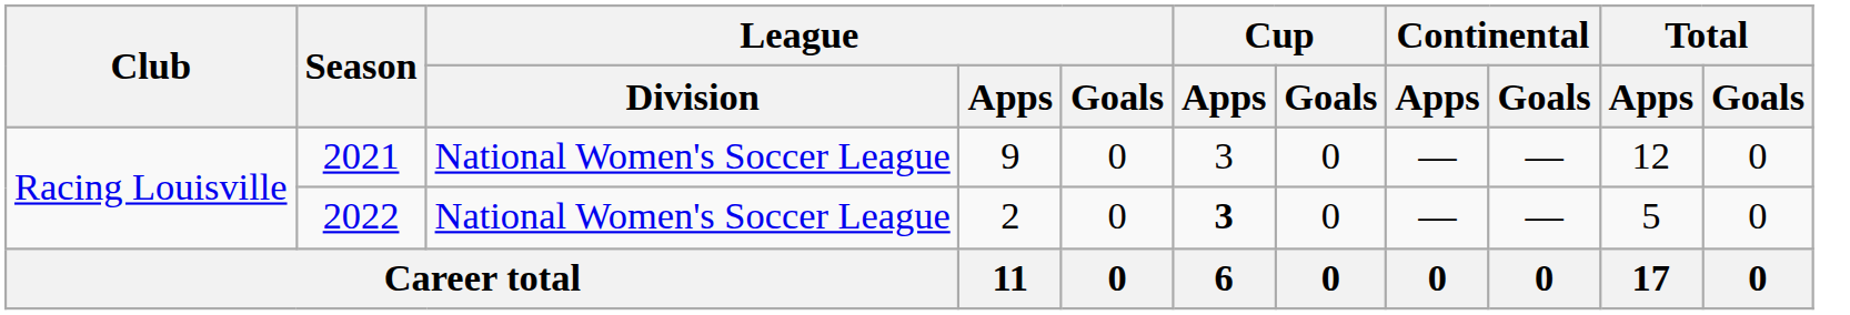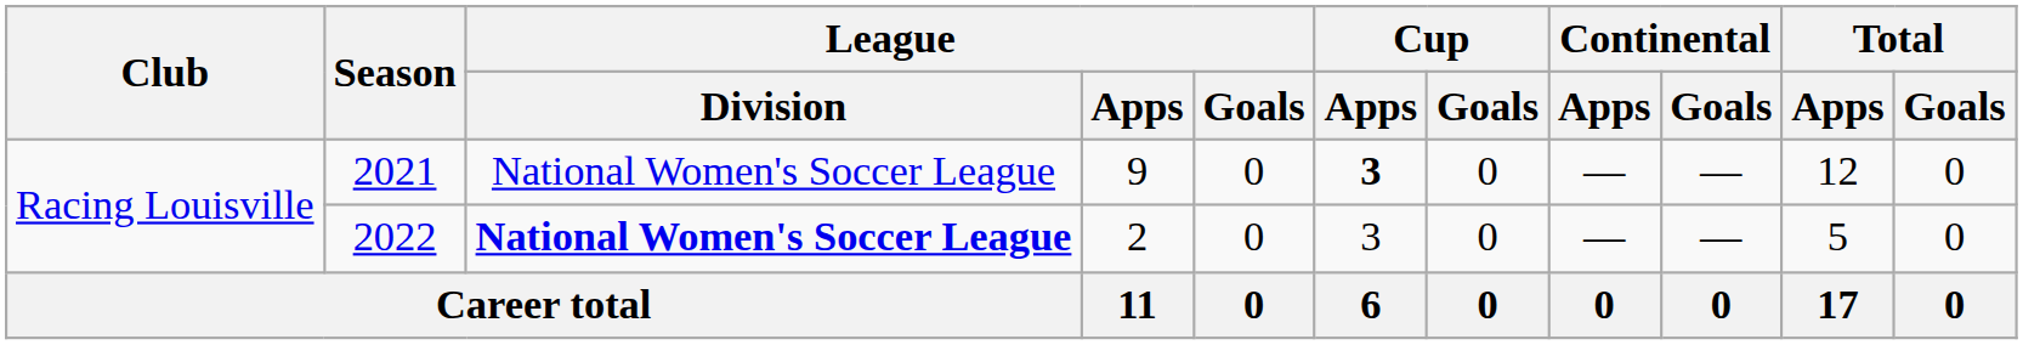 <table class=wikitable style=text-align:center>
 <tr>
 <th rowspan=2>Club</th>
 <th rowspan=2>Season</th>
 <th colspan=3>League</th>
 <th colspan=2>Cup</th>
 <th colspan=2>Continental</th>
 <th colspan=2>Total</th>
 </tr>
 <tr>
 <th>Division</th>
 <th>Apps</th>
 <th>Goals</th>
 <th>Apps</th>
 <th>Goals</th>
 <th>Apps</th>
 <th>Goals</th>
 <th>Apps</th>
 <th>Goals</th>
 </tr>
 <tr>
 <td rowspan=2><a href='#'>Racing Louisville</a></td>
 <td><a href='#'>2021</a></td>
 <td><a href='#'>National Women's Soccer League</a></td>
 <td>9</td>
 <td>0</td>
-<td>3</td>
+<td><strong>3</strong></td>
 <td>0</td>
 <td>—</td>
 <td>—</td>
 <td>12</td>
 <td>0</td>
 </tr>
 <tr>
 <td><a href='#'>2022</a></td>
-<td><a href='#'>National Women's Soccer League</a></td>
+<td><strong><a href='#'>National Women's Soccer League</a></strong></td>
 <td>2</td>
 <td>0</td>
-<td><strong>3</strong></td>
+<td>3</td>
 <td>0</td>
 <td>—</td>
 <td>—</td>
 <td>5</td>
 <td>0</td>
 </tr>
 <tr>
 <th colspan=3>Career total</th>
 <th>11</th>
 <th>0</th>
 <th>6</th>
 <th>0</th>
 <th>0</th>
 <th>0</th>
 <th>17</th>
 <th>0</th>
 </tr>
 </table>
